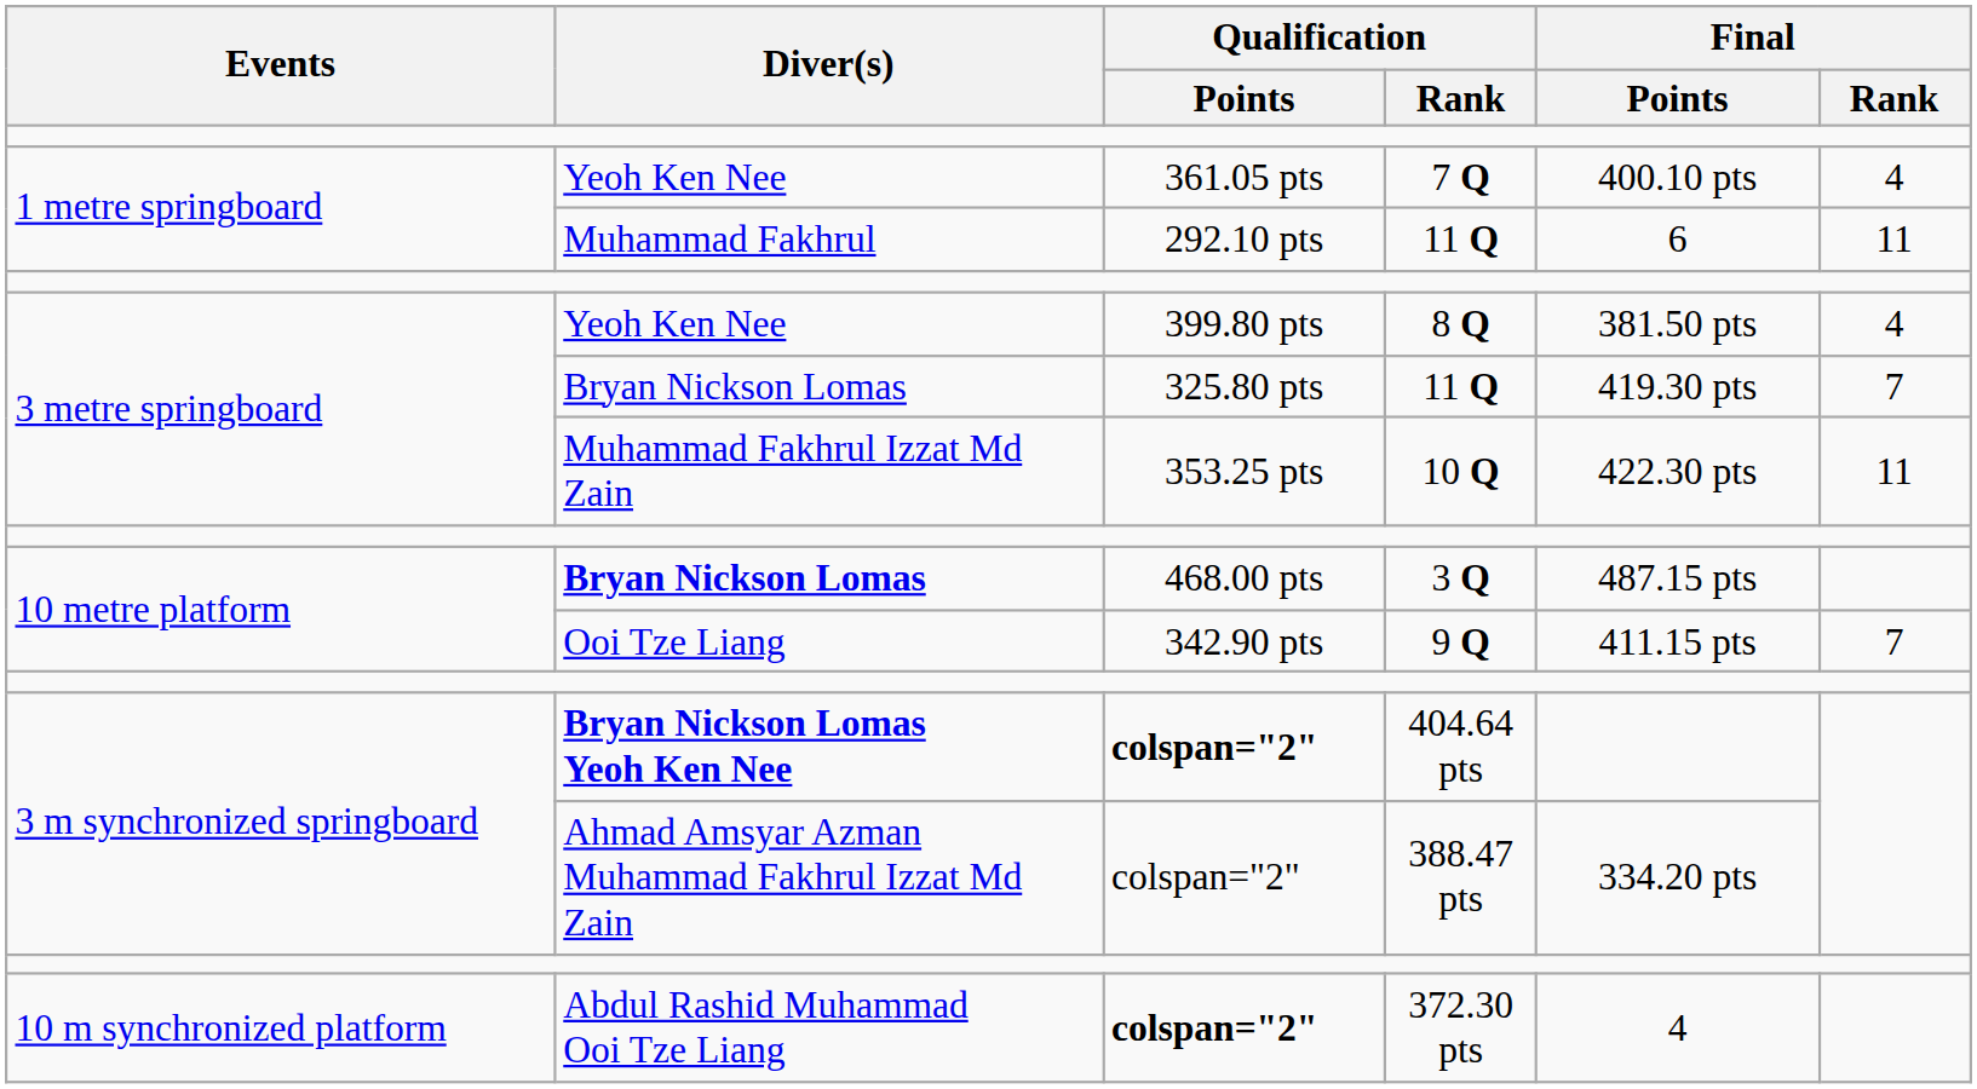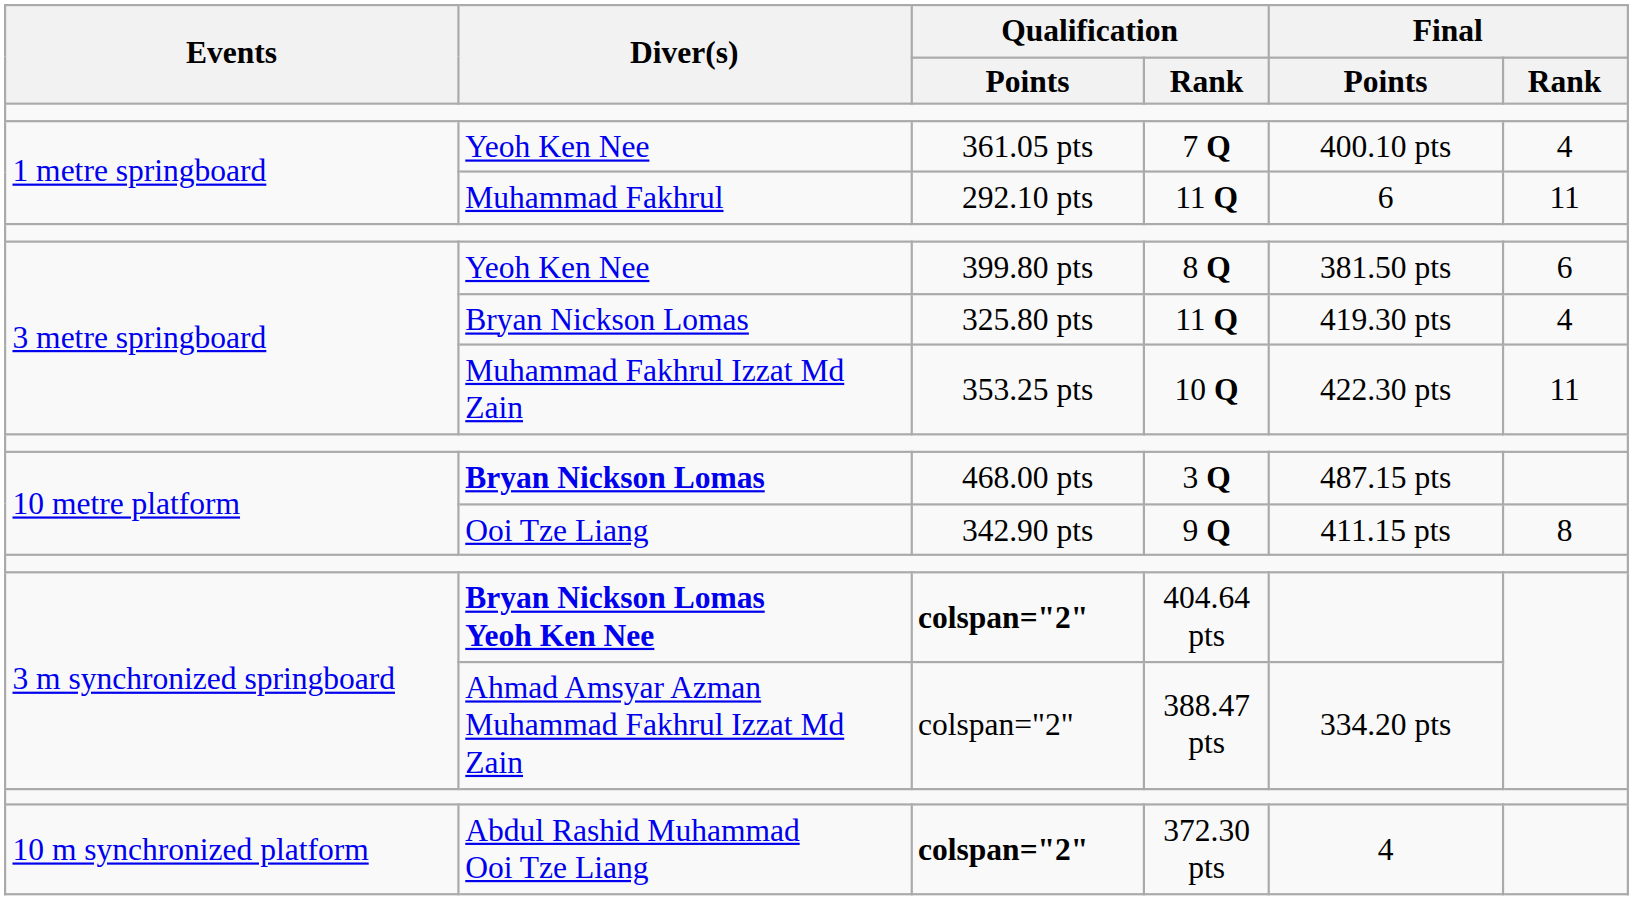 <table class=wikitable style="font-size:90%">
 <tr>
 <th rowspan="2" style="width:200px;">Events</th>
 <th rowspan="2" style="width:200px;">Diver(s)</th>
 <th colspan="2" style="width:150px;">Qualification</th>
 <th colspan="2" style="width:150px;">Final</th>
 </tr>
 <tr>
 <th style="line-height:1em; width:100px;">Points</th>
 <th style="line-height:1em; width:50px;">Rank</th>
 <th style="line-height:1em; width:100px;">Points</th>
 <th style="line-height:1em; width:50px;">Rank</th>
 </tr>
 <tr>
 <td colspan="6" style="height:1px;;"></td>
 </tr>
 <tr>
 <td rowspan=2><a href='#'>1 metre springboard</a></td>
 <td><a href='#'>Yeoh Ken Nee</a></td>
 <td style="text-align:center;">361.05 pts</td>
 <td style="text-align:center;">7 <strong>Q</strong></td>
 <td style="text-align:center;">400.10 pts</td>
 <td style="text-align:center;">4</td>
 </tr>
 <tr>
 <td><a href='#'>Muhammad Fakhrul</a></td>
 <td style="text-align:center;">292.10 pts</td>
 <td style="text-align:center;">11 <strong>Q</strong></td>
 <td style="text-align:center;">6</td>
 <td style="text-align:center;">11</td>
 </tr>
 <tr>
 <td colspan="6" style="height:1px;;"></td>
 </tr>
 <tr>
 <td rowspan=3><a href='#'>3 metre springboard</a></td>
 <td><a href='#'>Yeoh Ken Nee</a></td>
 <td style="text-align:center;">399.80 pts</td>
 <td style="text-align:center;">8 <strong>Q</strong></td>
 <td style="text-align:center;">381.50 pts</td>
-<td style="text-align:center;">4</td>
+<td style="text-align:center;">6</td>
 </tr>
 <tr>
 <td><a href='#'>Bryan Nickson Lomas</a></td>
 <td style="text-align:center;">325.80 pts</td>
 <td style="text-align:center;">11 <strong>Q</strong></td>
 <td style="text-align:center;">419.30 pts</td>
-<td style="text-align:center;">7</td>
+<td style="text-align:center;">4</td>
 </tr>
 <tr>
 <td><a href='#'>Muhammad Fakhrul Izzat Md Zain</a></td>
 <td style="text-align:center;">353.25 pts</td>
 <td style="text-align:center;">10 <strong>Q</strong></td>
 <td style="text-align:center;">422.30 pts</td>
 <td style="text-align:center;">11</td>
 </tr>
 <tr>
 <td colspan="6" style="height:1px;;"></td>
 </tr>
 <tr>
 <td rowspan=2><a href='#'>10 metre platform</a></td>
 <td><strong><a href='#'>Bryan Nickson Lomas</a></strong></td>
 <td style="text-align:center;">468.00 pts</td>
 <td style="text-align:center;">3 <strong>Q</strong></td>
 <td style="text-align:center;">487.15 pts</td>
 <td style="text-align:center;"></td>
 </tr>
 <tr>
 <td><a href='#'>Ooi Tze Liang</a></td>
 <td style="text-align:center;">342.90 pts</td>
 <td style="text-align:center;">9 <strong>Q</strong></td>
 <td style="text-align:center;">411.15 pts</td>
-<td style="text-align:center;">7</td>
+<td style="text-align:center;">8</td>
 </tr>
 <tr>
 <td colspan="6" style="height:1px;;"></td>
 </tr>
 <tr>
 <td rowspan=2><a href='#'>3 m synchronized springboard</a></td>
 <td><strong><a href='#'>Bryan Nickson Lomas</a><br><a href='#'>Yeoh Ken Nee</a></strong></td>
 <td><strong>colspan="2" </strong></td>
 <td style="text-align:center;">404.64 pts</td>
 <td style="text-align:center;"></td>
 </tr>
 <tr>
 <td><a href='#'>Ahmad Amsyar Azman</a><br><a href='#'>Muhammad Fakhrul Izzat Md Zain</a></td>
 <td>colspan="2" </td>
 <td style="text-align:center;">388.47 pts</td>
 <td style="text-align:center;">334.20 pts</td>
 </tr>
 <tr>
 <td colspan="6" style="height:1px;;"></td>
 </tr>
 <tr>
 <td><a href='#'>10 m synchronized platform</a></td>
 <td><a href='#'>Abdul Rashid Muhammad</a><br><a href='#'>Ooi Tze Liang</a></td>
 <td><strong>colspan="2" </strong></td>
 <td style="text-align:center;">372.30 pts</td>
 <td style="text-align:center;">4</td>
 </tr>
 </table>
